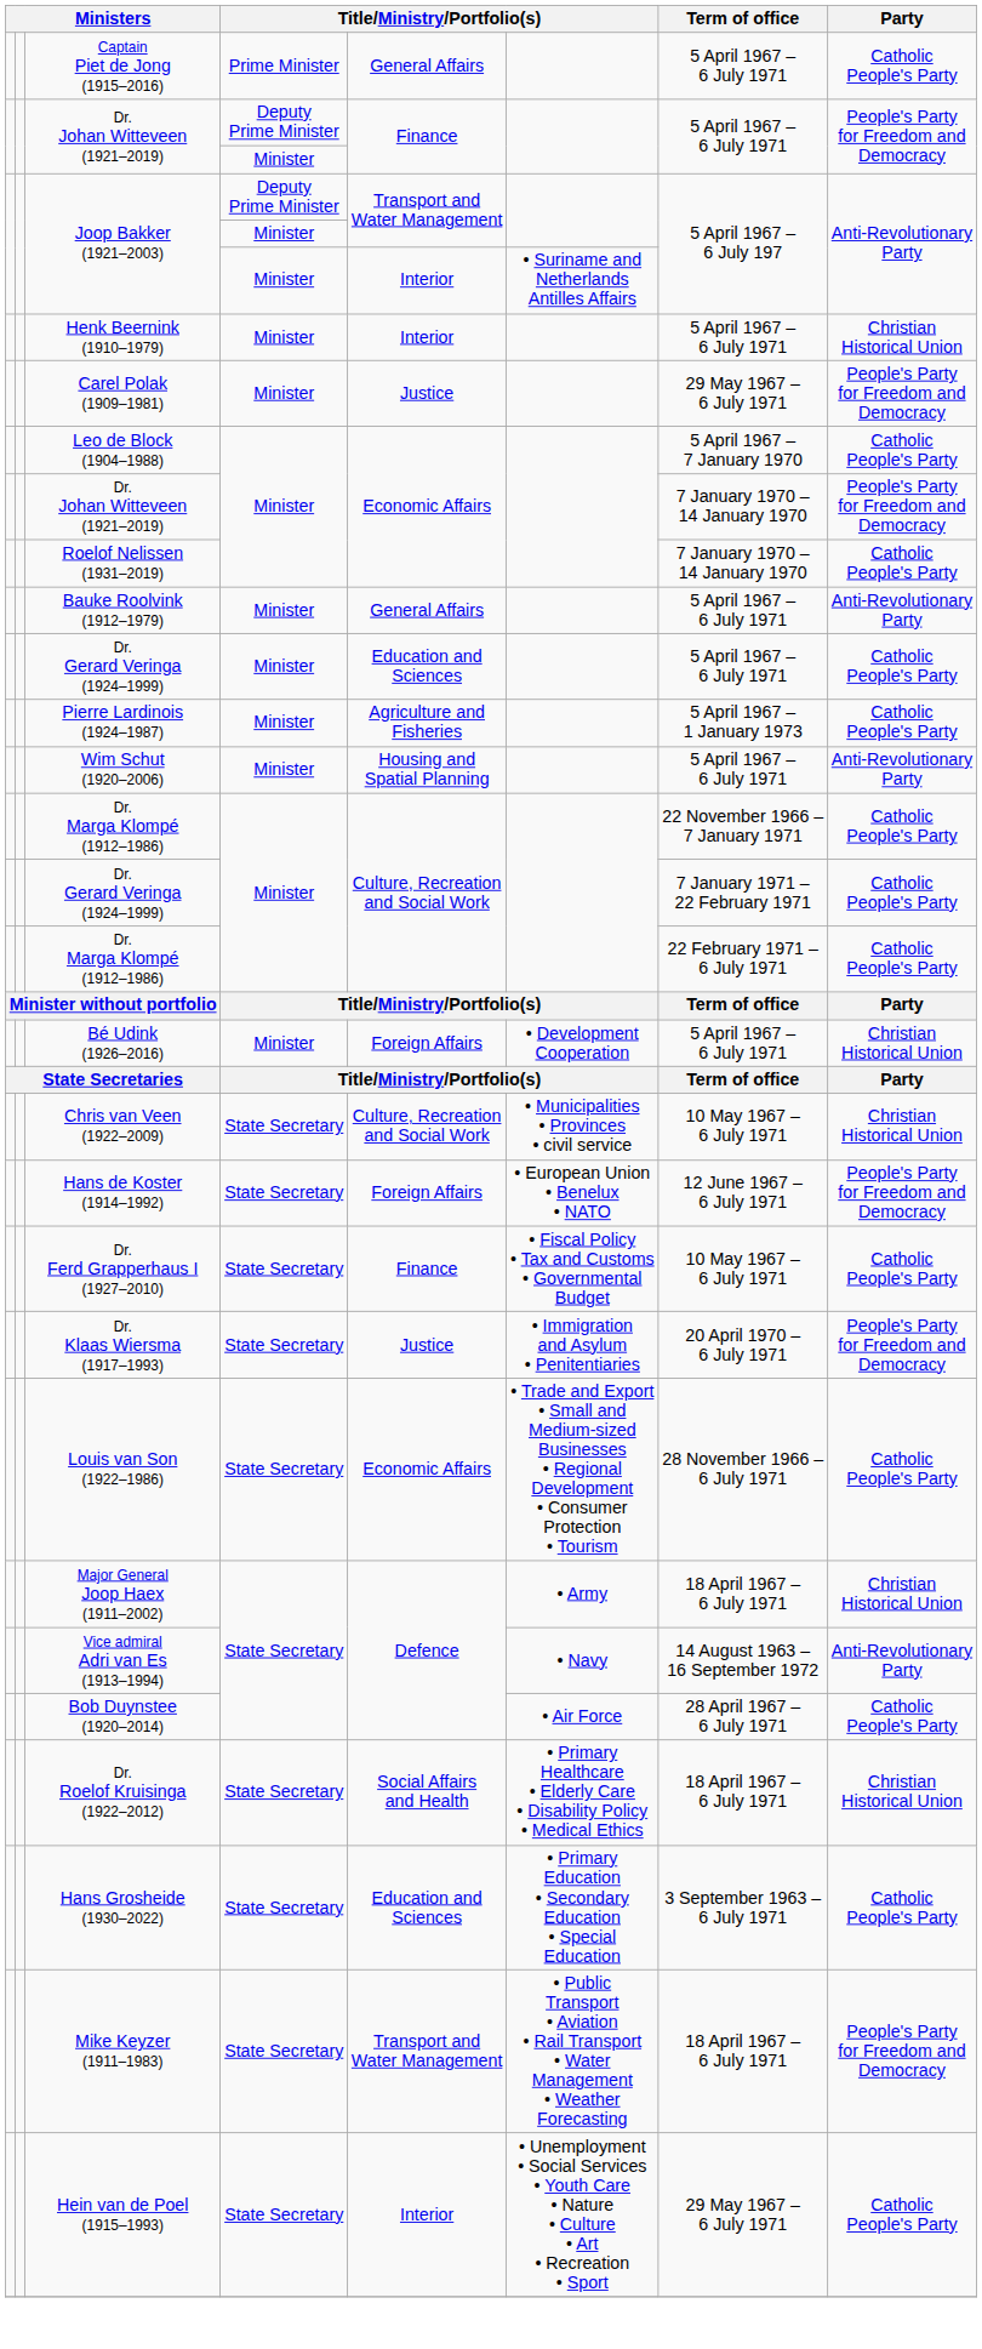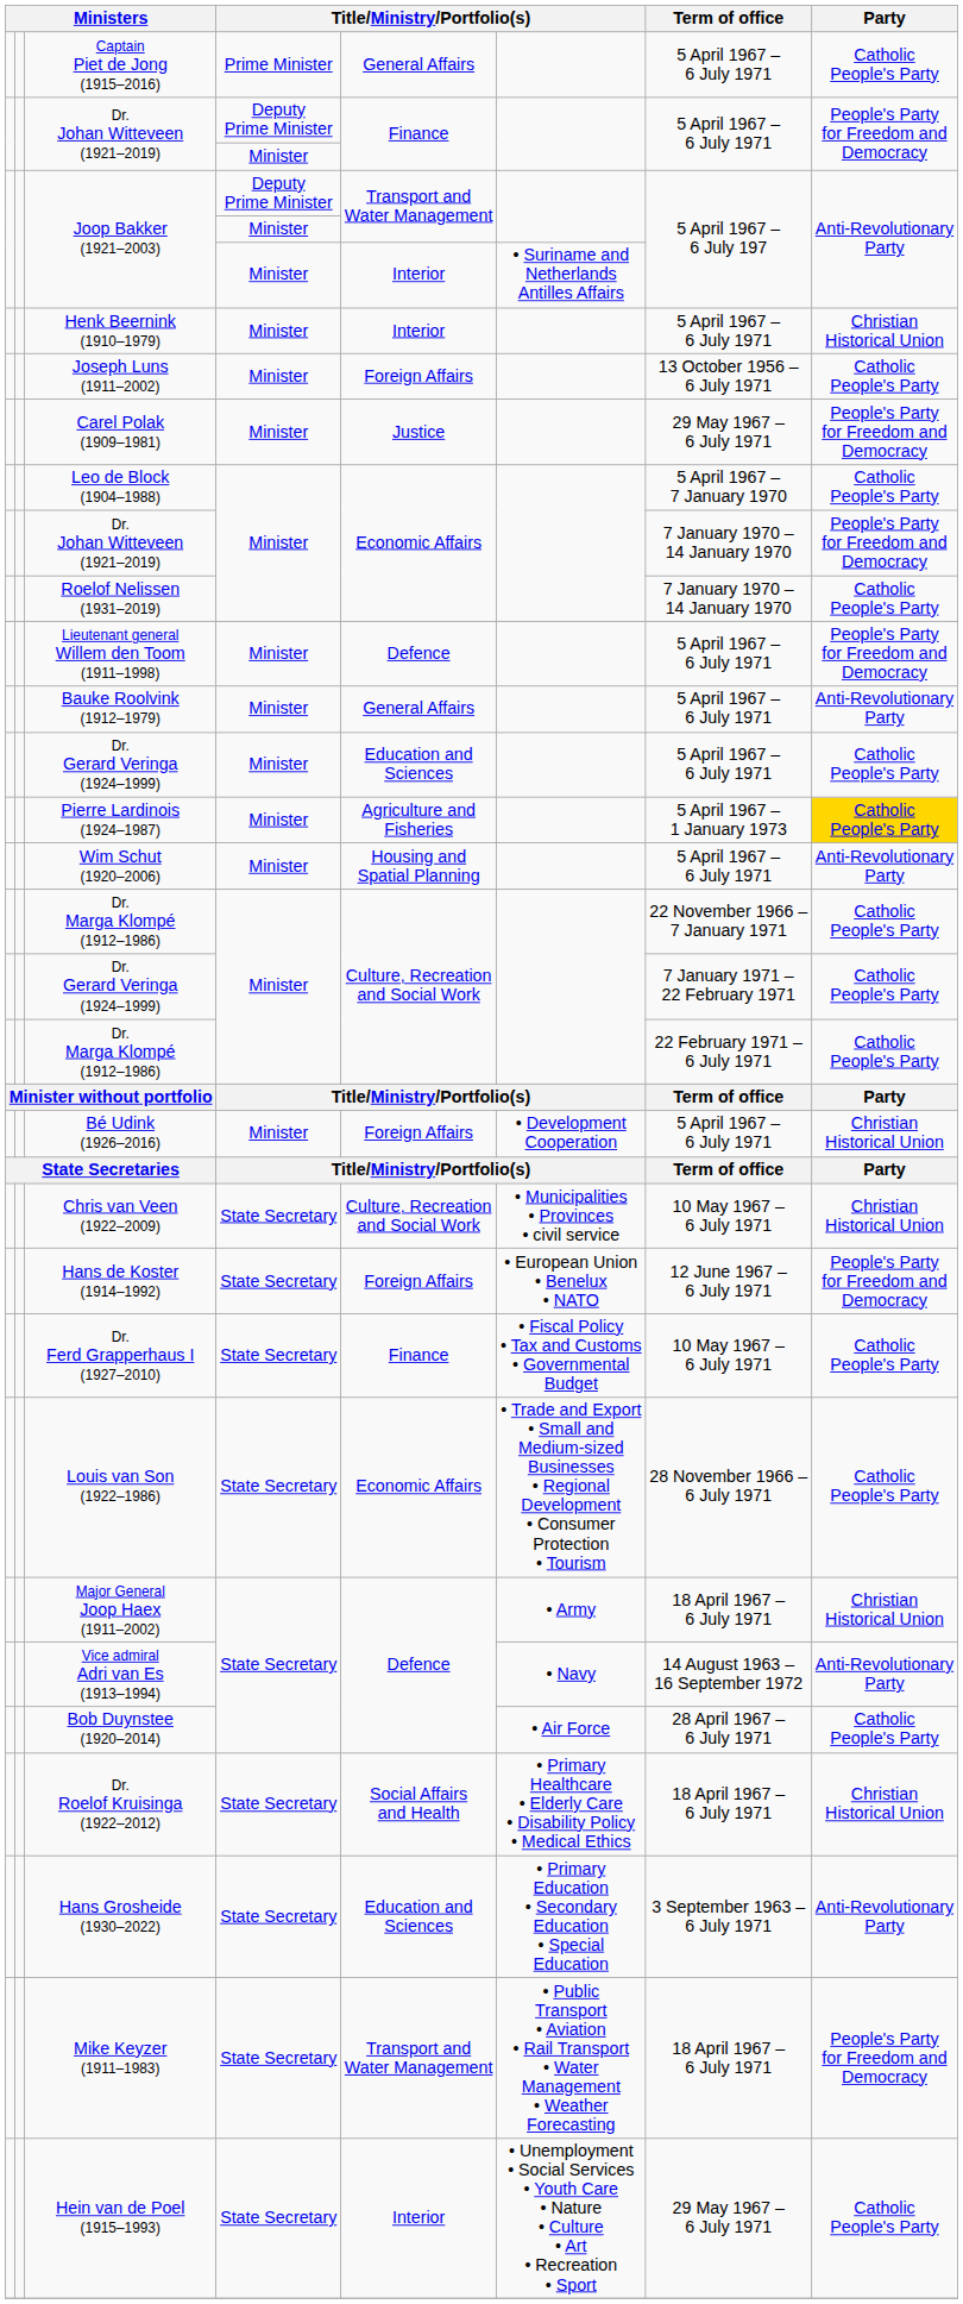 <table class="wikitable" style="text-align:center">
 <tr>
 <th colspan=3><a href='#'>Ministers</a></th>
 <th colspan=3>Title/<a href='#'>Ministry</a>/Portfolio(s)</th>
 <th>Term of office</th>
 <th>Party</th>
 </tr>
 <tr>
 <td style="background:"></td>
 <td></td>
 <td><small><a href='#'>Captain</a></small> <br> <a href='#'>Piet de Jong</a> <br> <small>(1915–2016)</small></td>
 <td><a href='#'>Prime Minister</a></td>
 <td><a href='#'>General Affairs</a></td>
 <td></td>
 <td>5 April 1967 – <br> 6 July 1971</td>
 <td><a href='#'>Catholic <br> People's Party</a></td>
 </tr>
 <tr>
 <td rowspan=2 style="background:"></td>
 <td rowspan=2></td>
 <td rowspan=2><small>Dr.</small> <br> <a href='#'>Johan Witteveen</a> <br> <small>(1921–2019)</small></td>
 <td><a href='#'>Deputy <br> Prime Minister</a></td>
 <td rowspan=2><a href='#'>Finance</a></td>
 <td rowspan=2></td>
 <td rowspan=2>5 April 1967 – <br> 6 July 1971</td>
 <td rowspan=2><a href='#'>People's Party <br> for Freedom and <br> Democracy</a></td>
 </tr>
 <tr>
 <td><a href='#'>Minister</a></td>
 </tr>
 <tr>
 <td rowspan=3 style="background:"></td>
 <td rowspan=3></td>
 <td rowspan=3><a href='#'>Joop Bakker</a> <br> <small>(1921–2003)</small></td>
 <td><a href='#'>Deputy <br> Prime Minister</a></td>
 <td rowspan=2><a href='#'>Transport and <br> Water Management</a></td>
 <td rowspan=2></td>
 <td rowspan=3>5 April 1967 – <br> 6 July 197</td>
 <td rowspan=3><a href='#'>Anti-Revolutionary <br> Party</a></td>
 </tr>
 <tr>
 <td><a href='#'>Minister</a></td>
 </tr>
 <tr>
 <td><a href='#'>Minister</a></td>
 <td><a href='#'>Interior</a></td>
 <td>• <a href='#'>Suriname and <br> Netherlands <br> Antilles Affairs</a></td>
 </tr>
 <tr>
 <td style="background:"></td>
 <td></td>
 <td><a href='#'>Henk Beernink</a> <br> <small>(1910–1979)</small></td>
 <td><a href='#'>Minister</a></td>
 <td><a href='#'>Interior</a></td>
 <td></td>
 <td>5 April 1967 – <br> 6 July 1971</td>
 <td><a href='#'>Christian <br> Historical Union</a></td>
 </tr>
 <tr>
 <td style="background:"></td>
 <td></td>
+<td><a href='#'>Joseph Luns</a> <br> <small>(1911–2002)</small></td>
+<td><a href='#'>Minister</a></td>
+<td><a href='#'>Foreign Affairs</a></td>
+<td></td>
+<td>13 October 1956 – <br> 6 July 1971 <br> </td>
+<td><a href='#'>Catholic <br> People's Party</a></td>
+</tr>
+<tr>
+<td style="background:"></td>
+<td></td>
 <td><a href='#'>Carel Polak</a> <br> <small>(1909–1981)</small></td>
 <td><a href='#'>Minister</a></td>
 <td><a href='#'>Justice</a></td>
 <td></td>
 <td>29 May 1967 – <br> 6 July 1971</td>
 <td><a href='#'>People's Party <br> for Freedom and <br> Democracy</a></td>
 </tr>
 <tr>
 <td style="background:"></td>
 <td></td>
 <td><a href='#'>Leo de Block</a> <br> <small>(1904–1988)</small></td>
 <td rowspan=3><a href='#'>Minister</a></td>
 <td rowspan=3><a href='#'>Economic Affairs</a></td>
 <td rowspan=3></td>
 <td>5 April 1967 – <br> 7 January 1970 <br> </td>
 <td><a href='#'>Catholic <br> People's Party</a></td>
 </tr>
 <tr>
 <td style="background:"></td>
 <td></td>
 <td><small>Dr.</small> <br> <a href='#'>Johan Witteveen</a> <br> <small>(1921–2019)</small></td>
 <td>7 January 1970 – <br> 14 January 1970 <br> </td>
 <td><a href='#'>People's Party <br> for Freedom and <br> Democracy</a></td>
 </tr>
 <tr>
 <td style="background:"></td>
 <td></td>
 <td><a href='#'>Roelof Nelissen</a> <br> <small>(1931–2019)</small></td>
 <td>7 January 1970 – <br> 14 January 1970</td>
 <td><a href='#'>Catholic <br> People's Party</a></td>
 </tr>
 <tr>
 <td style="background:"></td>
 <td></td>
+<td><small><a href='#'>Lieutenant general</a></small> <br> <a href='#'>Willem den Toom</a> <br> <small>(1911–1998)</small></td>
+<td><a href='#'>Minister</a></td>
+<td><a href='#'>Defence</a></td>
+<td></td>
+<td>5 April 1967 – <br> 6 July 1971</td>
+<td><a href='#'>People's Party <br> for Freedom and <br> Democracy</a></td>
+</tr>
+<tr>
+<td style="background:"></td>
+<td></td>
 <td><a href='#'>Bauke Roolvink</a> <br> <small>(1912–1979)</small></td>
 <td><a href='#'>Minister</a></td>
 <td><a href='#'>General Affairs</a></td>
 <td></td>
 <td>5 April 1967 – <br> 6 July 1971</td>
 <td><a href='#'>Anti-Revolutionary <br> Party</a></td>
 </tr>
 <tr>
 <td style="background:"></td>
 <td></td>
 <td><small>Dr.</small> <br> <a href='#'>Gerard Veringa</a> <br> <small>(1924–1999)</small></td>
 <td><a href='#'>Minister</a></td>
 <td><a href='#'>Education and <br> Sciences</a></td>
 <td></td>
 <td>5 April 1967 – <br> 6 July 1971</td>
 <td><a href='#'>Catholic <br> People's Party</a></td>
 </tr>
 <tr>
 <td style="background:"></td>
 <td></td>
 <td><a href='#'>Pierre Lardinois</a> <br> <small>(1924–1987)</small></td>
 <td><a href='#'>Minister</a></td>
 <td><a href='#'>Agriculture and <br> Fisheries</a></td>
 <td></td>
 <td>5 April 1967 – <br> 1 January 1973 <br> </td>
-<td><a href='#'>Catholic <br> People's Party</a></td>
+<td style="background: gold;"><a href='#'>Catholic <br> People's Party</a></td>
 </tr>
 <tr>
 <td style="background:"></td>
 <td></td>
 <td><a href='#'>Wim Schut</a> <br> <small>(1920–2006)</small></td>
 <td><a href='#'>Minister</a></td>
 <td><a href='#'>Housing and <br> Spatial Planning</a></td>
 <td></td>
 <td>5 April 1967 – <br> 6 July 1971</td>
 <td><a href='#'>Anti-Revolutionary <br> Party</a></td>
 </tr>
 <tr>
 <td style="background:"></td>
 <td></td>
 <td><small>Dr.</small> <br> <a href='#'>Marga Klompé</a> <br> <small>(1912–1986)</small></td>
 <td rowspan=3><a href='#'>Minister</a></td>
 <td rowspan=3><a href='#'>Culture, Recreation <br> and Social Work</a></td>
 <td rowspan=3></td>
 <td>22 November 1966 – <br> 7 January 1971 <br>  </td>
 <td><a href='#'>Catholic <br> People's Party</a></td>
 </tr>
 <tr>
 <td style="background:"></td>
 <td></td>
 <td><small>Dr.</small> <br> <a href='#'>Gerard Veringa</a> <br> <small>(1924–1999)</small></td>
 <td>7 January 1971 – <br> 22 February 1971 <br> </td>
 <td><a href='#'>Catholic <br> People's Party</a></td>
 </tr>
 <tr>
 <td style="background:"></td>
 <td></td>
 <td><small>Dr.</small> <br> <a href='#'>Marga Klompé</a> <br> <small>(1912–1986)</small></td>
 <td>22 February 1971 – <br> 6 July 1971</td>
 <td><a href='#'>Catholic <br> People's Party</a></td>
 </tr>
 <tr>
 <th colspan=3><a href='#'>Minister without portfolio</a></th>
 <th colspan=3>Title/<a href='#'>Ministry</a>/Portfolio(s)</th>
 <th>Term of office</th>
 <th>Party</th>
 </tr>
 <tr>
 <td style="background:"></td>
 <td></td>
 <td><a href='#'>Bé Udink</a> <br> <small>(1926–2016)</small></td>
 <td><a href='#'>Minister</a></td>
 <td><a href='#'>Foreign Affairs</a></td>
 <td>• <a href='#'>Development <br> Cooperation</a></td>
 <td>5 April 1967 – <br> 6 July 1971</td>
 <td><a href='#'>Christian <br> Historical Union</a></td>
 </tr>
 <tr>
 <th colspan=3><a href='#'>State Secretaries</a></th>
 <th colspan=3>Title/<a href='#'>Ministry</a>/Portfolio(s)</th>
 <th>Term of office</th>
 <th>Party</th>
 </tr>
 <tr>
 <td style="background:"></td>
 <td></td>
 <td><a href='#'>Chris van Veen</a> <br> <small>(1922–2009)</small></td>
 <td><a href='#'>State Secretary</a></td>
 <td><a href='#'>Culture, Recreation <br> and Social Work</a></td>
 <td>• <a href='#'>Municipalities</a> <br> • <a href='#'>Provinces</a> <br> • civil service</td>
 <td>10 May 1967 – <br> 6 July 1971</td>
 <td><a href='#'>Christian <br> Historical Union</a></td>
 </tr>
 <tr>
 <td style="background:"></td>
 <td></td>
 <td><a href='#'>Hans de Koster</a> <br> <small>(1914–1992)</small></td>
 <td><a href='#'>State Secretary</a></td>
 <td><a href='#'>Foreign Affairs</a></td>
 <td>• European Union <br> • <a href='#'>Benelux</a> <br> • <a href='#'>NATO</a></td>
 <td>12 June 1967 – <br> 6 July 1971</td>
 <td><a href='#'>People's Party <br> for Freedom and <br> Democracy</a></td>
 </tr>
 <tr>
 <td style="background:"></td>
 <td></td>
 <td><small>Dr.</small> <br> <a href='#'>Ferd Grapperhaus I</a> <br> <small>(1927–2010)</small></td>
 <td><a href='#'>State Secretary</a></td>
 <td><a href='#'>Finance</a></td>
 <td>• <a href='#'>Fiscal Policy</a> <br> • <a href='#'>Tax and Customs</a> <br> • <a href='#'>Governmental <br> Budget</a></td>
 <td>10 May 1967 – <br> 6 July 1971</td>
 <td><a href='#'>Catholic <br> People's Party</a></td>
 </tr>
 <tr>
 <td style="background:"></td>
 <td></td>
-<td><small>Dr.</small> <br> <a href='#'>Klaas Wiersma</a> <br> <small>(1917–1993)</small></td>
-<td><a href='#'>State Secretary</a></td>
-<td><a href='#'>Justice</a></td>
-<td>• <a href='#'>Immigration <br> and Asylum</a> <br> • <a href='#'>Penitentiaries</a></td>
-<td>20 April 1970 – <br> 6 July 1971</td>
-<td><a href='#'>People's Party <br> for Freedom and <br> Democracy</a></td>
-</tr>
-<tr>
-<td style="background:"></td>
-<td></td>
 <td><a href='#'>Louis van Son</a> <br> <small>(1922–1986)</small></td>
 <td><a href='#'>State Secretary</a></td>
 <td><a href='#'>Economic Affairs</a></td>
 <td>• <a href='#'>Trade and Export</a> <br> • <a href='#'>Small and <br> Medium-sized <br> Businesses</a> <br> • <a href='#'>Regional <br> Development</a> <br> • Consumer <br> Protection <br> • <a href='#'>Tourism</a></td>
 <td>28 November 1966 – <br> 6 July 1971 <br> </td>
 <td><a href='#'>Catholic <br> People's Party</a></td>
 </tr>
 <tr>
 <td style="background:"></td>
 <td></td>
 <td><small><a href='#'>Major General</a></small> <br> <a href='#'>Joop Haex</a> <br> <small>(1911–2002)</small></td>
 <td rowspan=3><a href='#'>State Secretary</a></td>
 <td rowspan=3><a href='#'>Defence</a></td>
 <td>• <a href='#'>Army</a></td>
 <td>18 April 1967 – <br> 6 July 1971</td>
 <td><a href='#'>Christian <br> Historical Union</a></td>
 </tr>
 <tr>
 <td style="background:"></td>
 <td></td>
 <td><small><a href='#'>Vice admiral</a></small> <br> <a href='#'>Adri van Es</a> <br> <small>(1913–1994)</small></td>
 <td>• <a href='#'>Navy</a></td>
 <td>14 August 1963 – <br> 16 September 1972 <br>  </td>
 <td><a href='#'>Anti-Revolutionary <br> Party</a></td>
 </tr>
 <tr>
 <td style="background:"></td>
 <td></td>
 <td><a href='#'>Bob Duynstee</a> <br> <small>(1920–2014)</small></td>
 <td>• <a href='#'>Air Force</a></td>
 <td>28 April 1967 – <br> 6 July 1971</td>
 <td><a href='#'>Catholic <br> People's Party</a></td>
 </tr>
 <tr>
 <td style="background:"></td>
 <td></td>
 <td><small>Dr.</small> <br> <a href='#'>Roelof Kruisinga</a> <br> <small>(1922–2012)</small></td>
 <td><a href='#'>State Secretary</a></td>
 <td><a href='#'>Social Affairs</a> <br> <a href='#'>and Health</a></td>
 <td>• <a href='#'>Primary <br> Healthcare</a> <br> • <a href='#'>Elderly Care</a> <br> • <a href='#'>Disability Policy</a> <br> • <a href='#'>Medical Ethics</a></td>
 <td>18 April 1967 – <br> 6 July 1971</td>
 <td><a href='#'>Christian <br> Historical Union</a></td>
 </tr>
 <tr>
 <td style="background:"></td>
 <td></td>
 <td><a href='#'>Hans Grosheide</a> <br> <small>(1930–2022)</small></td>
 <td><a href='#'>State Secretary</a></td>
 <td><a href='#'>Education and <br> Sciences</a></td>
 <td>• <a href='#'>Primary <br> Education</a> <br> • <a href='#'>Secondary <br> Education</a> <br> • <a href='#'>Special <br> Education</a></td>
 <td>3 September 1963 – <br> 6 July 1971 <br> </td>
-<td><a href='#'>Catholic <br> People's Party</a></td>
+<td><a href='#'>Anti-Revolutionary <br> Party</a></td>
 </tr>
 <tr>
 <td style="background:"></td>
 <td></td>
 <td><a href='#'>Mike Keyzer</a> <br> <small>(1911–1983)</small></td>
 <td><a href='#'>State Secretary</a></td>
 <td><a href='#'>Transport and <br> Water Management</a></td>
 <td>• <a href='#'>Public <br> Transport</a> <br> • <a href='#'>Aviation</a> <br> • <a href='#'>Rail Transport</a> <br> • <a href='#'>Water <br> Management</a> <br> • <a href='#'>Weather <br> Forecasting</a></td>
 <td>18 April 1967 – <br> 6 July 1971</td>
 <td><a href='#'>People's Party <br> for Freedom and <br> Democracy</a></td>
 </tr>
 <tr>
 <td style="background:"></td>
 <td></td>
 <td><a href='#'>Hein van de Poel</a> <br> <small>(1915–1993)</small></td>
 <td><a href='#'>State Secretary</a></td>
 <td><a href='#'>Interior</a></td>
 <td>• Unemployment <br> • Social Services <br> • <a href='#'>Youth Care</a> <br> • Nature <br> • <a href='#'>Culture</a> <br> • <a href='#'>Art</a> <br> • Recreation <br> • <a href='#'>Sport</a></td>
 <td>29 May 1967 – <br> 6 July 1971</td>
 <td><a href='#'>Catholic <br> People's Party</a></td>
 </tr>
 <tr>
 </tr>
 </table>
